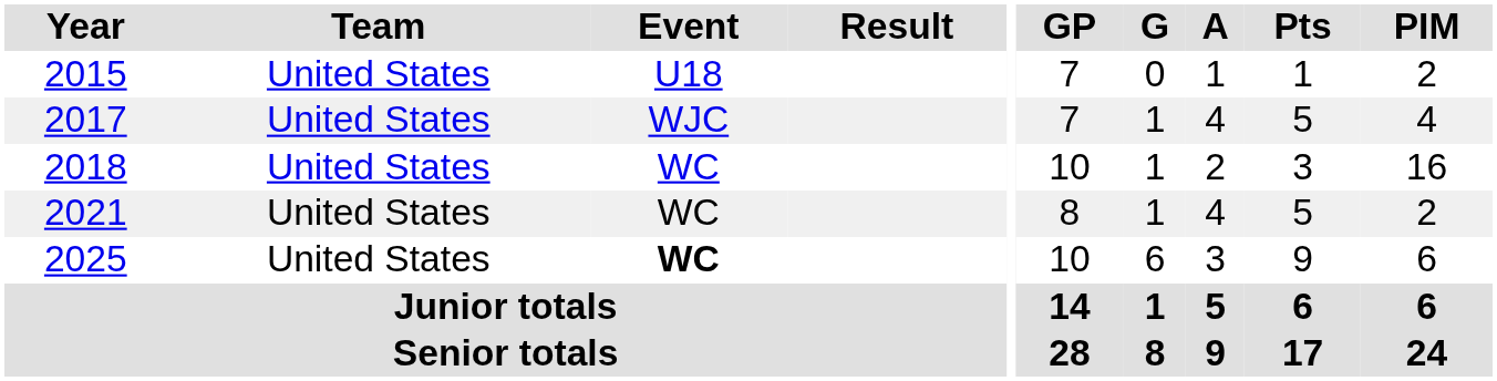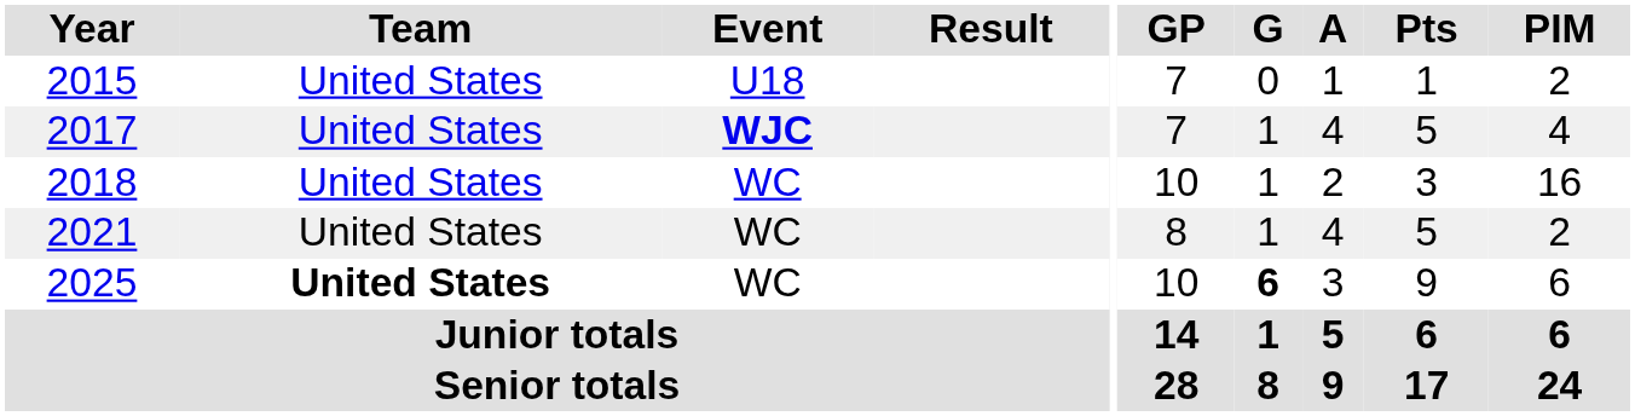 <table border="0" cellpadding="1" cellspacing="0" ID="Table3" style="text-align:center; width:40em;">
 <tr bgcolor="#e0e0e0">
 <th>Year</th>
 <th>Team</th>
 <th>Event</th>
 <th>Result</th>
 <th rowspan="99" bgcolor="#ffffff"></th>
 <th>GP</th>
 <th>G</th>
 <th>A</th>
 <th>Pts</th>
 <th>PIM</th>
 </tr>
 <tr>
 <td><a href='#'>2015</a></td>
 <td><a href='#'>United States</a></td>
 <td><a href='#'>U18</a></td>
 <td></td>
 <td>7</td>
 <td>0</td>
 <td>1</td>
 <td>1</td>
 <td>2</td>
 </tr>
 <tr bgcolor="#f0f0f0">
 <td><a href='#'>2017</a></td>
 <td><a href='#'>United States</a></td>
-<td><a href='#'>WJC</a></td>
+<td><strong><a href='#'>WJC</a></strong></td>
 <td></td>
 <td>7</td>
 <td>1</td>
 <td>4</td>
 <td>5</td>
 <td>4</td>
 </tr>
 <tr>
 <td><a href='#'>2018</a></td>
 <td><a href='#'>United States</a></td>
 <td><a href='#'>WC</a></td>
 <td></td>
 <td>10</td>
 <td>1</td>
 <td>2</td>
 <td>3</td>
 <td>16</td>
 </tr>
 <tr bgcolor="#f0f0f0">
 <td><a href='#'>2021</a></td>
 <td>United States</td>
 <td>WC</td>
 <td></td>
 <td>8</td>
 <td>1</td>
 <td>4</td>
 <td>5</td>
 <td>2</td>
 </tr>
 <tr>
 <td><a href='#'>2025</a></td>
-<td>United States</td>
-<td><strong>WC</strong></td>
+<td><strong>United States</strong></td>
+<td>WC</td>
 <td></td>
 <td>10</td>
-<td>6</td>
+<td><strong>6</strong></td>
 <td>3</td>
 <td>9</td>
 <td>6</td>
 </tr>
 <tr bgcolor="#e0e0e0">
 <th colspan="4">Junior totals</th>
 <th>14</th>
 <th>1</th>
 <th>5</th>
 <th>6</th>
 <th>6</th>
 </tr>
 <tr bgcolor="#e0e0e0">
 <th colspan="4">Senior totals</th>
 <th>28</th>
 <th>8</th>
 <th>9</th>
 <th>17</th>
 <th>24</th>
 </tr>
 </table>
